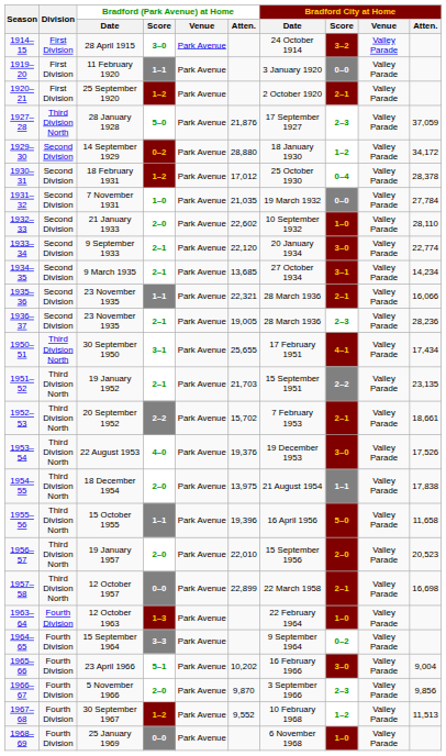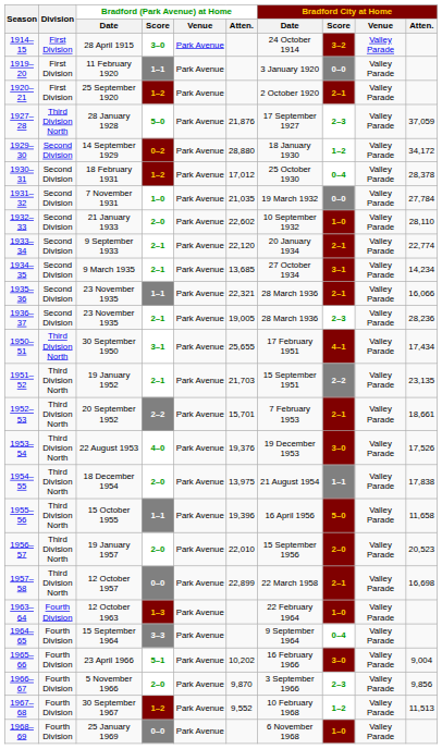 <table class="wikitable" style="text-align: center; font-size: 12px">
 <tr>
 <th rowspan=2>Season</th>
 <th rowspan=2>Division</th>
 <th colspan=4 style="color:#009900;background:#FFFFFF">Bradford (Park Avenue) at Home</th>
 <th colspan=4 style="color:#FFCC00;background:#800000">Bradford City at Home</th>
 </tr>
 <tr>
 <th width="140">Date</th>
 <th width="52">Score</th>
 <th width="120">Venue</th>
 <th width="40">Atten.</th>
 <th width="140">Date</th>
 <th width="52">Score</th>
 <th width="120">Venue</th>
 <th width="40">Atten.</th>
 </tr>
 <tr>
 <td><a href='#'>1914–15</a></td>
 <td><a href='#'>First Division</a></td>
 <td align: center;>28 April 1915</td>
 <td style="color:#009900;background:#ffffff"><strong>3–0</strong></td>
 <td align: center;><a href='#'>Park Avenue</a></td>
 <td align: center;></td>
 <td align: center;>24 October 1914</td>
 <td style="color:#FFCC00;background:#800000"><strong>3–2</strong></td>
 <td align: center;><a href='#'>Valley Parade</a></td>
 <td align: center;></td>
 </tr>
 <tr>
 <td><a href='#'>1919–20</a></td>
 <td>First Division</td>
 <td align: center;>11 February 1920</td>
 <td style="color:#ffffff;background:#808080"><strong>1–1</strong></td>
 <td align: center;>Park Avenue</td>
 <td align: center;></td>
 <td align: center;>3 January 1920</td>
 <td style="color:#ffffff;background:#808080"><strong>0–0</strong></td>
 <td align: center;>Valley Parade</td>
 <td align: center;></td>
 </tr>
 <tr>
 <td><a href='#'>1920–21</a></td>
 <td>First Division</td>
 <td align: center;>25 September 1920</td>
 <td style="color:#FFCC00;background:#800000"><strong>1–2</strong></td>
 <td align: center;>Park Avenue</td>
 <td align: center;></td>
 <td align: center;>2 October 1920</td>
 <td style="color:#FFCC00;background:#800000"><strong>2–1</strong></td>
 <td align: center;>Valley Parade</td>
 <td align: center;></td>
 </tr>
 <tr>
 <td><a href='#'>1927–28</a></td>
 <td><a href='#'>Third Division North</a></td>
 <td align: center;>28 January 1928</td>
 <td style="color:#009900;background:#ffffff"><strong>5–0</strong></td>
 <td align: center;>Park Avenue</td>
 <td align: center;>21,876</td>
 <td align: center;>17 September 1927</td>
 <td style="color:#009900;background:#ffffff"><strong>2–3</strong></td>
 <td align: center;>Valley Parade</td>
 <td align: center;>37,059</td>
 </tr>
 <tr>
 <td><a href='#'>1929–30</a></td>
 <td><a href='#'>Second Division</a></td>
 <td align: center;>14 September 1929</td>
 <td style="color:#FFCC00;background:#800000"><strong>0–2</strong></td>
 <td align: center;>Park Avenue</td>
 <td align: center;>28,880</td>
 <td align: center;>18 January 1930</td>
 <td style="color:#009900;background:#ffffff"><strong>1–2</strong></td>
 <td align: center;>Valley Parade</td>
 <td align: center;>34,172</td>
 </tr>
 <tr>
 <td><a href='#'>1930–31</a></td>
 <td>Second Division</td>
 <td align: center;>18 February 1931</td>
 <td style="color:#FFCC00;background:#800000"><strong>1–2</strong></td>
 <td align: center;>Park Avenue</td>
 <td align: center;>17,012</td>
 <td align: center;>25 October 1930</td>
 <td style="color:#009900;background:#ffffff"><strong>0–4</strong></td>
 <td align: center;>Valley Parade</td>
 <td align: center;>28,378</td>
 </tr>
 <tr>
 <td><a href='#'>1931–32</a></td>
 <td>Second Division</td>
 <td align: center;>7 November 1931</td>
 <td style="color:#009900;background:#ffffff"><strong>1–0</strong></td>
 <td align: center;>Park Avenue</td>
 <td align: center;>21,035</td>
 <td align: center;>19 March 1932</td>
 <td style="color:#ffffff;background:#808080"><strong>0–0</strong></td>
 <td align: center;>Valley Parade</td>
 <td align: center;>27,784</td>
 </tr>
 <tr>
 <td><a href='#'>1932–33</a></td>
 <td>Second Division</td>
 <td align: center;>21 January 1933</td>
 <td style="color:#009900;background:#ffffff"><strong>2–0</strong></td>
 <td align: center;>Park Avenue</td>
 <td align: center;>22,602</td>
 <td align: center;>10 September 1932</td>
 <td style="color:#FFCC00;background:#800000"><strong>1–0</strong></td>
 <td align: center;>Valley Parade</td>
 <td align: center;>28,110</td>
 </tr>
 <tr>
 <td><a href='#'>1933–34</a></td>
 <td>Second Division</td>
 <td align: center;>9 September 1933</td>
 <td style="color:#009900;background:#ffffff"><strong>2–1</strong></td>
 <td align: center;>Park Avenue</td>
 <td align: center;>22,120</td>
 <td align: center;>20 January 1934</td>
-<td style="color:#FFCC00;background:#800000"><strong>3–0</strong></td>
+<td style="color:#FFCC00;background:#800000"><strong>2–1</strong></td>
 <td align: center;>Valley Parade</td>
 <td align: center;>22,774</td>
 </tr>
 <tr>
 <td><a href='#'>1934–35</a></td>
 <td>Second Division</td>
 <td align: center;>9 March 1935</td>
 <td style="color:#009900;background:#ffffff"><strong>2–1</strong></td>
 <td align: center;>Park Avenue</td>
 <td align: center;>13,685</td>
 <td align: center;>27 October 1934</td>
 <td style="color:#FFCC00;background:#800000"><strong>3–1</strong></td>
 <td align: center;>Valley Parade</td>
 <td align: center;>14,234</td>
 </tr>
 <tr>
 <td><a href='#'>1935–36</a></td>
 <td>Second Division</td>
 <td align: center;>23 November 1935</td>
 <td style="color:#ffffff;background:#808080"><strong>1–1</strong></td>
 <td align: center;>Park Avenue</td>
 <td align: center;>22,321</td>
 <td align: center;>28 March 1936</td>
 <td style="color:#FFCC00;background:#800000"><strong>2–1</strong></td>
 <td align: center;>Valley Parade</td>
 <td align: center;>16,066</td>
 </tr>
 <tr>
 <td><a href='#'>1936–37</a></td>
 <td>Second Division</td>
 <td align: center;>23 November 1935</td>
 <td style="color:#009900;background:#ffffff"><strong>2–1</strong></td>
 <td align: center;>Park Avenue</td>
 <td align: center;>19,005</td>
 <td align: center;>28 March 1936</td>
 <td style="color:#009900;background:#ffffff"><strong>2–3</strong></td>
 <td align: center;>Valley Parade</td>
 <td align: center;>28,236</td>
 </tr>
 <tr>
 <td><a href='#'>1950–51</a></td>
 <td><a href='#'>Third Division North</a></td>
 <td align: center;>30 September 1950</td>
 <td style="color:#009900;background:#ffffff"><strong>3–1</strong></td>
 <td align: center;>Park Avenue</td>
 <td align: center;>25,655</td>
 <td align: center;>17 February 1951</td>
 <td style="color:#FFCC00;background:#800000"><strong>4–1</strong></td>
 <td align: center;>Valley Parade</td>
 <td align: center;>17,434</td>
 </tr>
 <tr>
 <td><a href='#'>1951–52</a></td>
 <td>Third Division North</td>
 <td align: center;>19 January 1952</td>
 <td style="color:#009900;background:#ffffff"><strong>2–1</strong></td>
 <td align: center;>Park Avenue</td>
 <td align: center;>21,703</td>
 <td align: center;>15 September 1951</td>
 <td style="color:#ffffff;background:#808080"><strong>2–2</strong></td>
 <td align: center;>Valley Parade</td>
 <td align: center;>23,135</td>
 </tr>
 <tr>
 <td><a href='#'>1952–53</a></td>
 <td>Third Division North</td>
 <td align: center;>20 September 1952</td>
 <td style="color:#ffffff;background:#808080"><strong>2–2</strong></td>
 <td align: center;>Park Avenue</td>
-<td align: center;>15,702</td>
+<td align: center;>15,701</td>
 <td align: center;>7 February 1953</td>
 <td style="color:#FFCC00;background:#800000"><strong>2–1</strong></td>
 <td align: center;>Valley Parade</td>
 <td align: center;>18,661</td>
 </tr>
 <tr>
 <td><a href='#'>1953–54</a></td>
 <td>Third Division North</td>
 <td align: center;>22 August 1953</td>
 <td style="color:#009900;background:#FFFFFF"><strong>4–0</strong></td>
 <td align: center;>Park Avenue</td>
 <td align: center;>19,376</td>
 <td align: center;>19 December 1953</td>
 <td style="color:#FFCC00;background:#800000"><strong>3–0</strong></td>
 <td align: center;>Valley Parade</td>
 <td align: center;>17,526</td>
 </tr>
 <tr>
 <td><a href='#'>1954–55</a></td>
 <td>Third Division North</td>
 <td align: center;>18 December 1954</td>
 <td style="color:#009900;background:#FFFFFF"><strong>2–0</strong></td>
 <td align: center;>Park Avenue</td>
 <td align: center;>13,975</td>
 <td align: center;>21 August 1954</td>
 <td style="color:#ffffff;background:#808080"><strong>1–1</strong></td>
 <td align: center;>Valley Parade</td>
 <td align: center;>17,838</td>
 </tr>
 <tr>
 <td><a href='#'>1955–56</a></td>
 <td>Third Division North</td>
 <td align: center;>15 October 1955</td>
 <td style="color:#ffffff;background:#808080"><strong>1–1</strong></td>
 <td align: center;>Park Avenue</td>
 <td align: center;>19,396</td>
 <td align: center;>16 April 1956</td>
 <td style="color:#FFCC00;background:#800000"><strong>5–0</strong></td>
 <td align: center;>Valley Parade</td>
 <td align: center;>11,658</td>
 </tr>
 <tr>
 <td><a href='#'>1956–57</a></td>
 <td>Third Division North</td>
 <td align: center;>19 January 1957</td>
 <td style="color:#009900;background:#FFFFFF"><strong>2–0</strong></td>
 <td align: center;>Park Avenue</td>
 <td align: center;>22,010</td>
 <td align: center;>15 September 1956</td>
 <td style="color:#FFCC00;background:#800000"><strong>2–0</strong></td>
 <td align: center;>Valley Parade</td>
 <td align: center;>20,523</td>
 </tr>
 <tr>
 <td><a href='#'>1957–58</a></td>
 <td>Third Division North</td>
 <td align: center;>12 October 1957</td>
 <td style="color:#FFFFFF;background:#808080"><strong>0–0</strong></td>
 <td align: center;>Park Avenue</td>
 <td align: center;>22,899</td>
 <td align: center;>22 March 1958</td>
 <td style="color:#FFCC00;background:#800000"><strong>2–1</strong></td>
 <td align: center;>Valley Parade</td>
 <td align: center;>16,698</td>
 </tr>
 <tr>
 <td><a href='#'>1963–64</a></td>
 <td><a href='#'>Fourth Division</a></td>
 <td align: center;>12 October 1963</td>
 <td style="color:#FFCC00;background:#800000"><strong>1–3</strong></td>
 <td align: center;>Park Avenue</td>
 <td align: center;></td>
 <td align: center;>22 February 1964</td>
 <td style="color:#FFCC00;background:#800000"><strong>1–0</strong></td>
 <td align: center;>Valley Parade</td>
 <td align: center;></td>
 </tr>
 <tr>
 <td><a href='#'>1964–65</a></td>
 <td>Fourth Division</td>
 <td align: center;>15 September 1964</td>
 <td style="color:#FFFFFF;background:#808080"><strong>3–3</strong></td>
 <td align: center;>Park Avenue</td>
 <td align: center;></td>
 <td align: center;>9 September 1964</td>
-<td style="color:#009900;background:#FFFFFF"><strong>0–2</strong></td>
+<td style="color:#009900;background:#ffffff"><strong>0–4</strong></td>
 <td align: center;>Valley Parade</td>
 <td align: center;></td>
 </tr>
 <tr>
 <td><a href='#'>1965–66</a></td>
 <td>Fourth Division</td>
 <td align: center;>23 April 1966</td>
 <td style="color:#009900;background:#FFFFFF"><strong>5–1</strong></td>
 <td align: center;>Park Avenue</td>
 <td align: center;>10,202</td>
 <td align: center;>16 February 1966</td>
 <td style="color:#FFCC00;background:#800000"><strong>3–0</strong></td>
 <td align: center;>Valley Parade</td>
 <td align: center;>9,004</td>
 </tr>
 <tr>
 <td><a href='#'>1966–67</a></td>
 <td>Fourth Division</td>
 <td align: center;>5 November 1966</td>
 <td style="color:#009900;background:#FFFFFF"><strong>2–0</strong></td>
 <td align: center;>Park Avenue</td>
 <td align: center;>9,870</td>
 <td align: center;>3 September 1966</td>
 <td style="color:#009900;background:#ffffff"><strong>2–3</strong></td>
 <td align: center;>Valley Parade</td>
 <td align: center;>9,856</td>
 </tr>
 <tr>
 <td><a href='#'>1967–68</a></td>
 <td>Fourth Division</td>
 <td align: center;>30 September 1967</td>
 <td style="color:#FFCC00;background:#800000"><strong>1–2</strong></td>
 <td align: center;>Park Avenue</td>
 <td align: center;>9,552</td>
 <td align: center;>10 February 1968</td>
 <td style="color:#009900;background:#FFFFFF"><strong>1–2</strong></td>
 <td align: center;>Valley Parade</td>
 <td align: center;>11,513</td>
 </tr>
 <tr>
 <td><a href='#'>1968–69</a></td>
 <td>Fourth Division</td>
 <td align: center;>25 January 1969</td>
 <td style="color:#FFFFFF;background:#808080"><strong>0–0</strong></td>
 <td align: center;>Park Avenue</td>
 <td align: center;></td>
 <td align: center;>6 November 1968</td>
 <td style="color:#FFCC00;background:#800000"><strong>1–0</strong></td>
 <td align: center;>Valley Parade</td>
 <td align: center;></td>
 </tr>
 </table>
